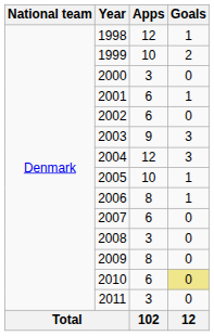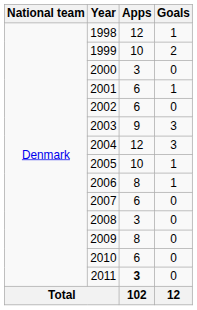 <table class="wikitable" style="text-align:center">
 <tr>
 <th>National team</th>
 <th>Year</th>
 <th>Apps</th>
 <th>Goals</th>
 </tr>
 <tr>
 <td rowspan="14"><a href='#'>Denmark</a></td>
 <td>1998</td>
 <td>12</td>
 <td>1</td>
 </tr>
 <tr>
 <td>1999</td>
 <td>10</td>
 <td>2</td>
 </tr>
 <tr>
 <td>2000</td>
 <td>3</td>
 <td>0</td>
 </tr>
 <tr>
 <td>2001</td>
 <td>6</td>
 <td>1</td>
 </tr>
 <tr>
 <td>2002</td>
 <td>6</td>
 <td>0</td>
 </tr>
 <tr>
 <td>2003</td>
 <td>9</td>
 <td>3</td>
 </tr>
 <tr>
 <td>2004</td>
 <td>12</td>
 <td>3</td>
 </tr>
 <tr>
 <td>2005</td>
 <td>10</td>
 <td>1</td>
 </tr>
 <tr>
 <td>2006</td>
 <td>8</td>
 <td>1</td>
 </tr>
 <tr>
 <td>2007</td>
 <td>6</td>
 <td>0</td>
 </tr>
 <tr>
 <td>2008</td>
 <td>3</td>
 <td>0</td>
 </tr>
 <tr>
 <td>2009</td>
 <td>8</td>
 <td>0</td>
 </tr>
 <tr>
 <td>2010</td>
 <td>6</td>
-<td style="background: khaki;">0</td>
+<td>0</td>
 </tr>
 <tr>
 <td>2011</td>
-<td>3</td>
+<td><strong>3</strong></td>
 <td>0</td>
 </tr>
 <tr>
 <th colspan="2">Total</th>
 <th>102</th>
 <th>12</th>
 </tr>
 </table>
